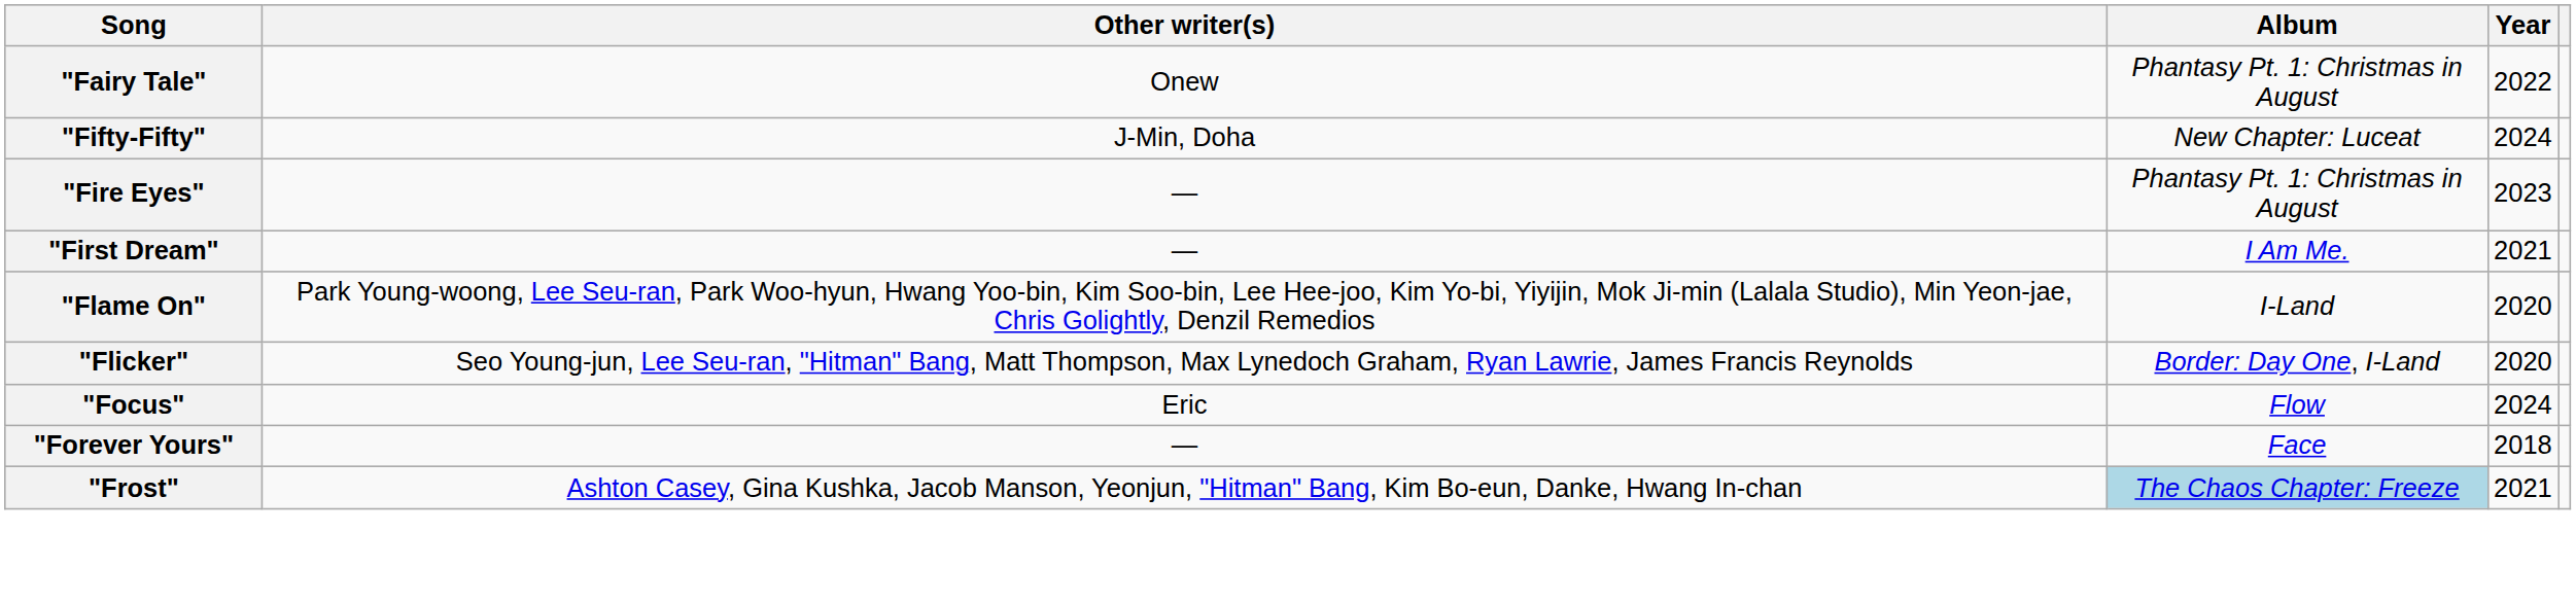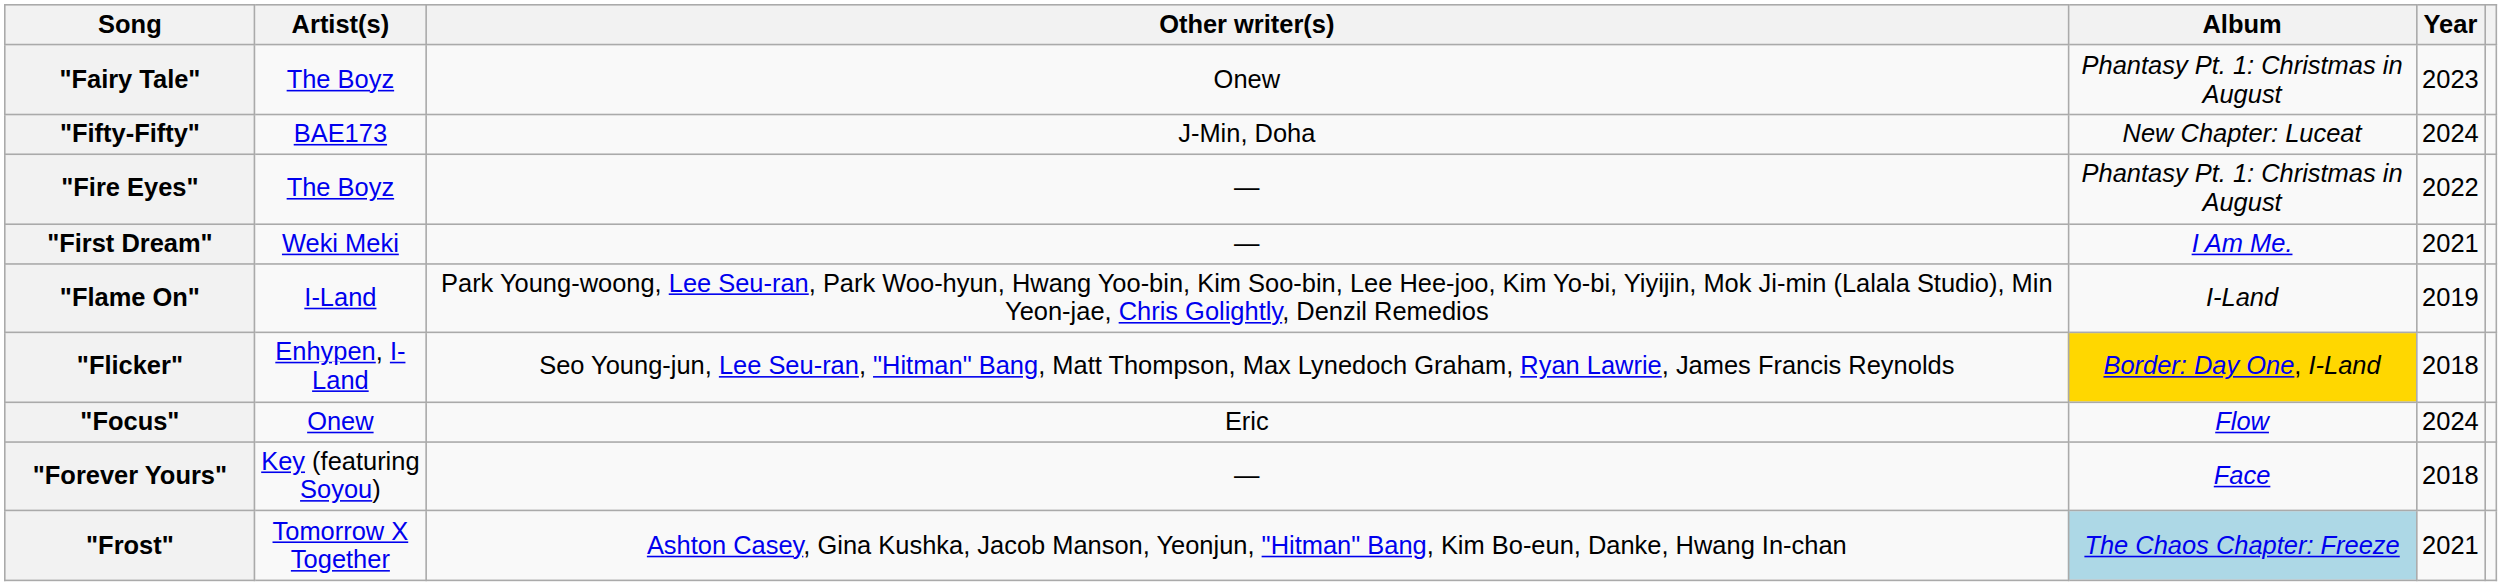 <table class="wikitable sortable plainrowheaders" style="text-align:center;">
 <tr>
 <th scope="col" width="150">Song</th>
+<th scope="col" width="100">Artist(s)</th>
 <th scope="col" class="unsortable">Other writer(s)</th>
 <th scope="col" data-sort-type="text">Album</th>
 <th scope="col">Year</th>
 <th scope="col" class="unsortable"></th>
 </tr>
 <tr>
 <th scope="row">"Fairy Tale"</th>
+<td><a href='#'>The Boyz</a></td>
 <td>Onew</td>
 <td><em>Phantasy Pt. 1: Christmas in August</em></td>
-<td>2022</td>
+<td>2023</td>
 <td style="text-align:center;"></td>
 </tr>
 <tr>
 <th scope="row">"Fifty-Fifty"</th>
+<td><a href='#'>BAE173</a></td>
 <td>J-Min, Doha</td>
 <td><em>New Chapter: Luceat</em></td>
 <td>2024</td>
 <td style="text-align:center;"></td>
 </tr>
 <tr>
 <th scope="row">"Fire Eyes"</th>
+<td><a href='#'>The Boyz</a></td>
 <td>—</td>
 <td><em>Phantasy Pt. 1: Christmas in August</em></td>
-<td>2023</td>
+<td>2022</td>
 <td style="text-align:center;"></td>
 </tr>
 <tr>
 <th scope="row">"First Dream"</th>
+<td><a href='#'>Weki Meki</a></td>
 <td>—</td>
 <td><em><a href='#'>I Am Me.</a></em></td>
 <td>2021</td>
 <td style="text-align:center;"></td>
 </tr>
 <tr>
 <th scope="row">"Flame On"</th>
+<td><a href='#'>I-Land</a></td>
 <td>Park Young-woong, <a href='#'>Lee Seu-ran</a>, Park Woo-hyun, Hwang Yoo-bin, Kim Soo-bin, Lee Hee-joo, Kim Yo-bi, Yiyijin, Mok Ji-min (Lalala Studio), Min Yeon-jae, <a href='#'>Chris Golightly</a>, Denzil Remedios</td>
 <td><em>I-Land</em></td>
-<td>2020</td>
+<td>2019</td>
 <td style="text-align:center;"></td>
 </tr>
 <tr>
 <th scope="row">"Flicker"</th>
+<td><a href='#'>Enhypen</a>, <a href='#'>I-Land</a></td>
 <td>Seo Young-jun, <a href='#'>Lee Seu-ran</a>, <a href='#'>"Hitman" Bang</a>, Matt Thompson, Max Lynedoch Graham, <a href='#'>Ryan Lawrie</a>, James Francis Reynolds</td>
-<td><em><a href='#'>Border: Day One</a></em>, <em>I-Land</em></td>
-<td>2020</td>
+<td style="background: gold;"><em><a href='#'>Border: Day One</a></em>, <em>I-Land</em></td>
+<td>2018</td>
 <td style="text-align:center;"></td>
 </tr>
 <tr>
 <th scope="row">"Focus"</th>
+<td><a href='#'>Onew</a></td>
 <td>Eric</td>
 <td><em><a href='#'>Flow</a></em></td>
 <td>2024</td>
 <td style="text-align:center;"></td>
 </tr>
 <tr>
 <th scope="row">"Forever Yours"</th>
+<td><a href='#'>Key</a> (featuring <a href='#'>Soyou</a>)</td>
 <td>—</td>
 <td><em><a href='#'>Face</a></em></td>
 <td>2018</td>
 <td style="text-align:center;"></td>
 </tr>
 <tr>
 <th scope="row">"Frost"</th>
+<td><a href='#'>Tomorrow X Together</a></td>
 <td><a href='#'>Ashton Casey</a>, Gina Kushka, Jacob Manson, Yeonjun, <a href='#'>"Hitman" Bang</a>, Kim Bo-eun, Danke, Hwang In-chan</td>
 <td style="background: lightblue;"><em><a href='#'>The Chaos Chapter: Freeze</a></em></td>
 <td>2021</td>
 <td style="text-align:center;"></td>
 </tr>
 </table>
